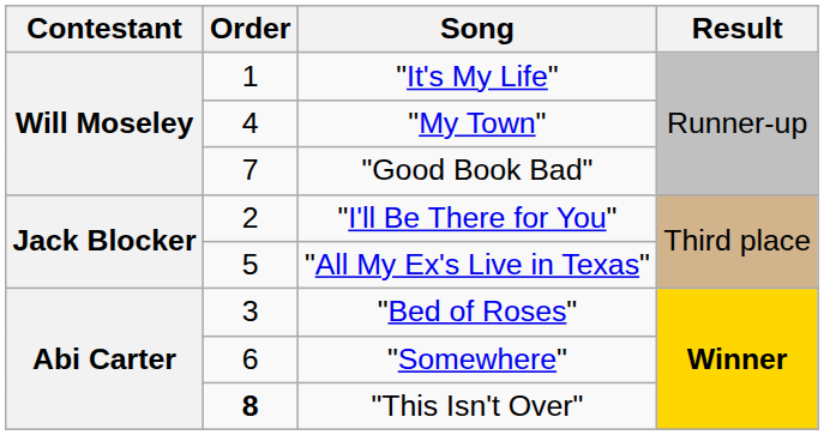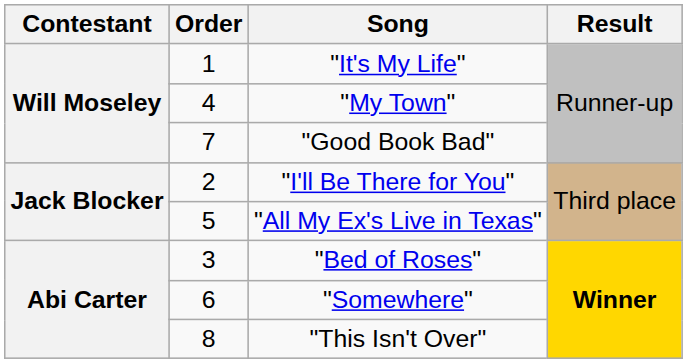 <table class="wikitable unsortable" style="text-align:center;">
 <tr>
 <th scope="col">Contestant</th>
 <th scope="col">Order</th>
 <th scope="col">Song</th>
 <th scope="col">Result</th>
 </tr>
 <tr>
 <th scope="row" rowspan="3">Will Moseley</th>
 <td>1</td>
 <td>"<a href='#'>It's My Life</a>"</td>
 <td rowspan="3" bgcolor="silver">Runner-up</td>
 </tr>
 <tr>
 <td>4</td>
 <td>"<a href='#'>My Town</a>"</td>
 </tr>
 <tr>
 <td>7</td>
 <td>"Good Book Bad"</td>
 </tr>
 <tr>
 <th scope="row" rowspan="2">Jack Blocker</th>
 <td>2</td>
 <td>"<a href='#'>I'll Be There for You</a>"</td>
 <td rowspan="2" bgcolor="tan">Third place</td>
 </tr>
 <tr>
 <td>5</td>
 <td>"<a href='#'>All My Ex's Live in Texas</a>"</td>
 </tr>
 <tr>
 <th scope="row" rowspan="3">Abi Carter</th>
 <td>3</td>
 <td>"<a href='#'>Bed of Roses</a>"</td>
 <td rowspan="3" bgcolor="gold"><strong>Winner</strong></td>
 </tr>
 <tr>
 <td>6</td>
 <td>"<a href='#'>Somewhere</a>"</td>
 </tr>
 <tr>
-<td><strong>8</strong></td>
+<td>8</td>
 <td>"This Isn't Over"</td>
 </tr>
 </table>
